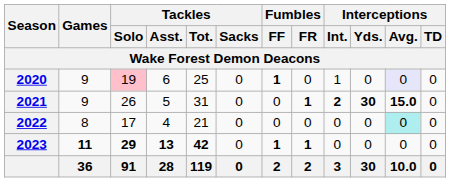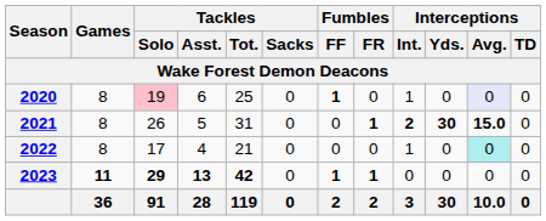 <table class="wikitable" style="width:auto; text-align:center;">
 <tr>
 <th rowspan="2">Season</th>
 <th rowspan="2">Games</th>
 <th colspan="4">Tackles</th>
 <th colspan="2">Fumbles</th>
 <th colspan="4">Interceptions</th>
 </tr>
 <tr>
 <th>Solo</th>
 <th>Asst.</th>
 <th>Tot.</th>
 <th>Sacks</th>
 <th>FF</th>
 <th>FR</th>
 <th>Int.</th>
 <th>Yds.</th>
 <th>Avg.</th>
 <th>TD</th>
 </tr>
 <tr>
 <th colspan="16">Wake Forest Demon Deacons</th>
 </tr>
 <tr>
 <th><a href='#'>2020</a></th>
-<td>9</td>
+<td>8</td>
 <td style="background: pink;">19</td>
 <td>6</td>
 <td>25</td>
 <td>0</td>
 <td><strong>1</strong></td>
 <td>0</td>
 <td>1</td>
 <td>0</td>
 <td style="background: lavender;">0</td>
 <td>0</td>
 </tr>
 <tr>
 <th><a href='#'>2021</a></th>
-<td>9</td>
+<td>8</td>
 <td>26</td>
 <td>5</td>
 <td>31</td>
 <td>0</td>
 <td>0</td>
 <td><strong>1</strong></td>
 <td><strong>2</strong></td>
 <td><strong>30</strong></td>
 <td><strong>15.0</strong></td>
 <td>0</td>
 </tr>
 <tr>
 <th><a href='#'>2022</a></th>
 <td>8</td>
 <td>17</td>
 <td>4</td>
 <td>21</td>
 <td>0</td>
 <td>0</td>
 <td>0</td>
-<td>0</td>
+<td>1</td>
 <td>0</td>
 <td style="background: paleturquoise;">0</td>
 <td>0</td>
 </tr>
 <tr>
 <th><a href='#'>2023</a></th>
 <td><strong>11</strong></td>
 <td><strong>29</strong></td>
 <td><strong>13</strong></td>
 <td><strong>42</strong></td>
 <td>0</td>
 <td><strong>1</strong></td>
 <td><strong>1</strong></td>
 <td>0</td>
 <td>0</td>
 <td>0</td>
 <td>0</td>
 </tr>
 <tr>
 <th></th>
 <th>36</th>
 <th>91</th>
 <th>28</th>
 <th>119</th>
 <th>0</th>
 <th>2</th>
 <th>2</th>
 <th>3</th>
 <th>30</th>
 <th>10.0</th>
 <th>0</th>
 </tr>
 </table>
